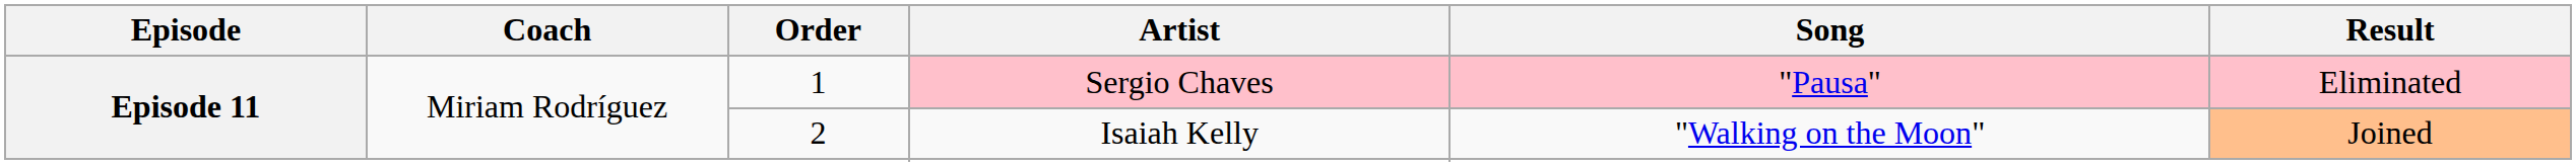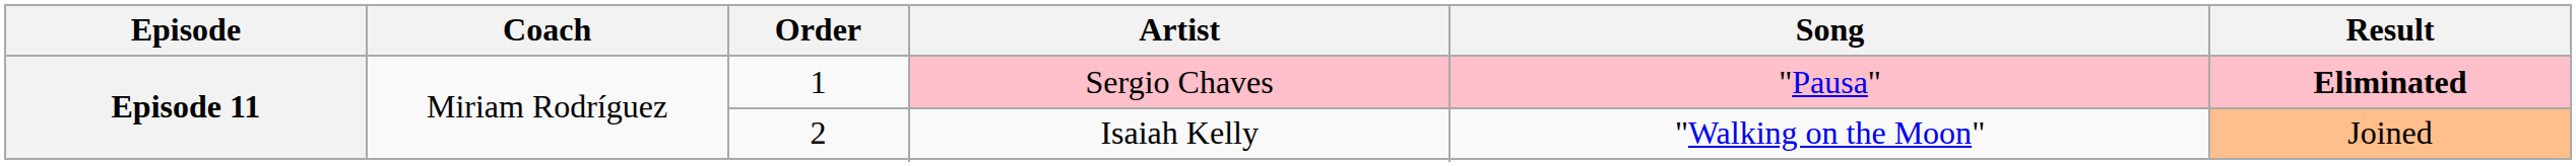 <table class="wikitable" style="text-align:center; width:100%">
 <tr>
 <th style="width:10%">Episode</th>
 <th style="width:10%">Coach</th>
 <th style="width:05%">Order</th>
 <th style="width:15%">Artist</th>
 <th style="width:21%">Song</th>
 <th style="width:10%">Result</th>
 </tr>
 <tr>
 <th rowspan="2">Episode 11<br></th>
 <td rowspan="2">Miriam Rodríguez</td>
 <td>1</td>
 <td bgcolor="pink">Sergio Chaves</td>
 <td bgcolor="pink">"<a href='#'>Pausa</a>"</td>
-<td bgcolor="pink">Eliminated</td>
+<td bgcolor="pink"><strong>Eliminated</strong></td>
 </tr>
 <tr>
 <td rowspan="2">2</td>
 <td rowspan="2">Isaiah Kelly</td>
 <td rowspan="2">"<a href='#'>Walking on the Moon</a>"</td>
 <td style="background:#ffbf8c">Joined </td>
 </tr>
 <tr>
 </tr>
 </table>
